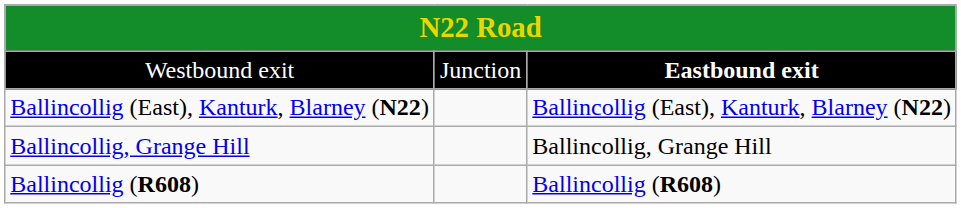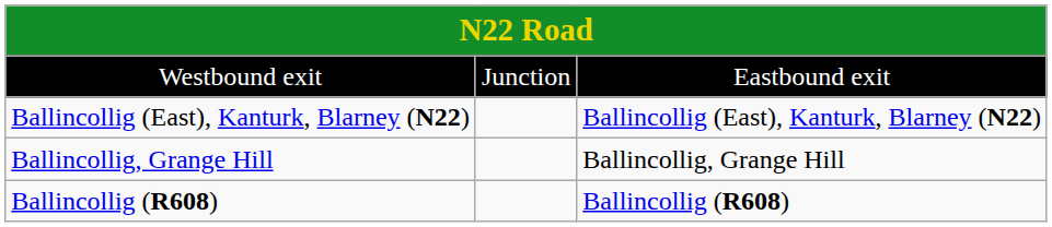 <table class="wikitable">
 <tr align="center" bgcolor="128D2A" style="color:#EBD600;font-size:120%;">
 <td colspan="4"><strong>N22 Road</strong></td>
 </tr>
 <tr align="center" bgcolor="000000" style="color: white">
 <td>Westbound exit</td>
 <td>Junction</td>
-<td colspan="1"><strong>Eastbound exit</strong></td>
+<td colspan="1">Eastbound exit</td>
 </tr>
 <tr>
 <td><a href='#'>Ballincollig</a> (East), <a href='#'>Kanturk</a>, <a href='#'>Blarney</a> (<strong>N22</strong>)</td>
 <td></td>
 <td colspan="2"><a href='#'>Ballincollig</a> (East), <a href='#'>Kanturk</a>, <a href='#'>Blarney</a> (<strong>N22</strong>)</td>
 </tr>
 <tr>
 <td><a href='#'>Ballincollig, Grange Hill</a></td>
 <td></td>
 <td colspan="2">Ballincollig, Grange Hill</td>
 </tr>
 <tr>
 <td><a href='#'>Ballincollig</a> (<strong>R608</strong>)</td>
 <td></td>
 <td colspan="2"><a href='#'>Ballincollig</a> (<strong>R608</strong>)</td>
 </tr>
 </table>
